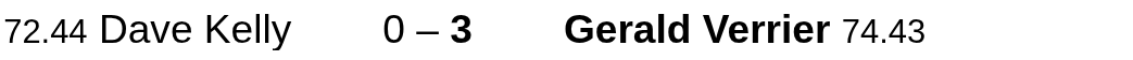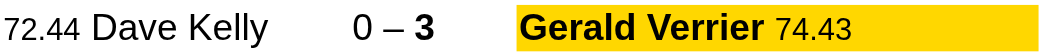 <table style="text-align:center">
 <tr>
 <th width=223></th>
 <th width=100></th>
 <th width=223></th>
 </tr>
 <tr>
 <td align=right><small>72.44</small> Dave Kelly </td>
 <td>0 – <strong>3</strong></td>
-<td align=left> <strong>Gerald Verrier</strong> <small>74.43</small></td>
+<td align=left style="background: gold;"> <strong>Gerald Verrier</strong> <small>74.43</small></td>
 </tr>
 </table>
